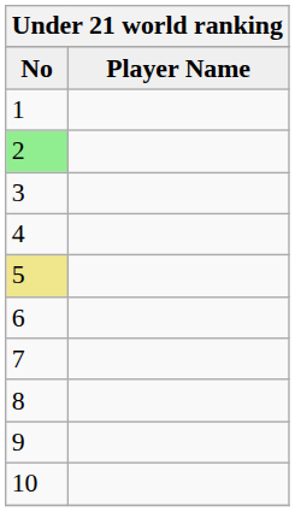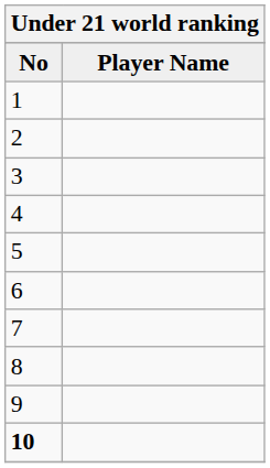 <table class="wikitable">
 <tr>
 <th colspan="5">Under 21 world ranking</th>
 </tr>
 <tr>
 </tr>
 <tr bgcolor="#efefef">
 <td align="center"><strong>No</strong></td>
 <td align="center"><strong>Player Name</strong></td>
 </tr>
 <tr>
 <td>1</td>
 <td></td>
 </tr>
 <tr>
-<td style="background: lightgreen;">2</td>
+<td>2</td>
 <td></td>
 </tr>
 <tr>
 <td>3</td>
 <td></td>
 </tr>
 <tr>
 <td>4</td>
 <td></td>
 </tr>
 <tr>
-<td style="background: khaki;">5</td>
+<td>5</td>
 <td></td>
 </tr>
 <tr>
 <td>6</td>
 <td></td>
 </tr>
 <tr>
 <td>7</td>
 <td></td>
 </tr>
 <tr>
 <td>8</td>
 <td></td>
 </tr>
 <tr>
 <td>9</td>
 <td></td>
 </tr>
 <tr>
-<td>10</td>
+<td><strong>10</strong></td>
 <td></td>
 </tr>
 <tr>
 </tr>
 </table>
